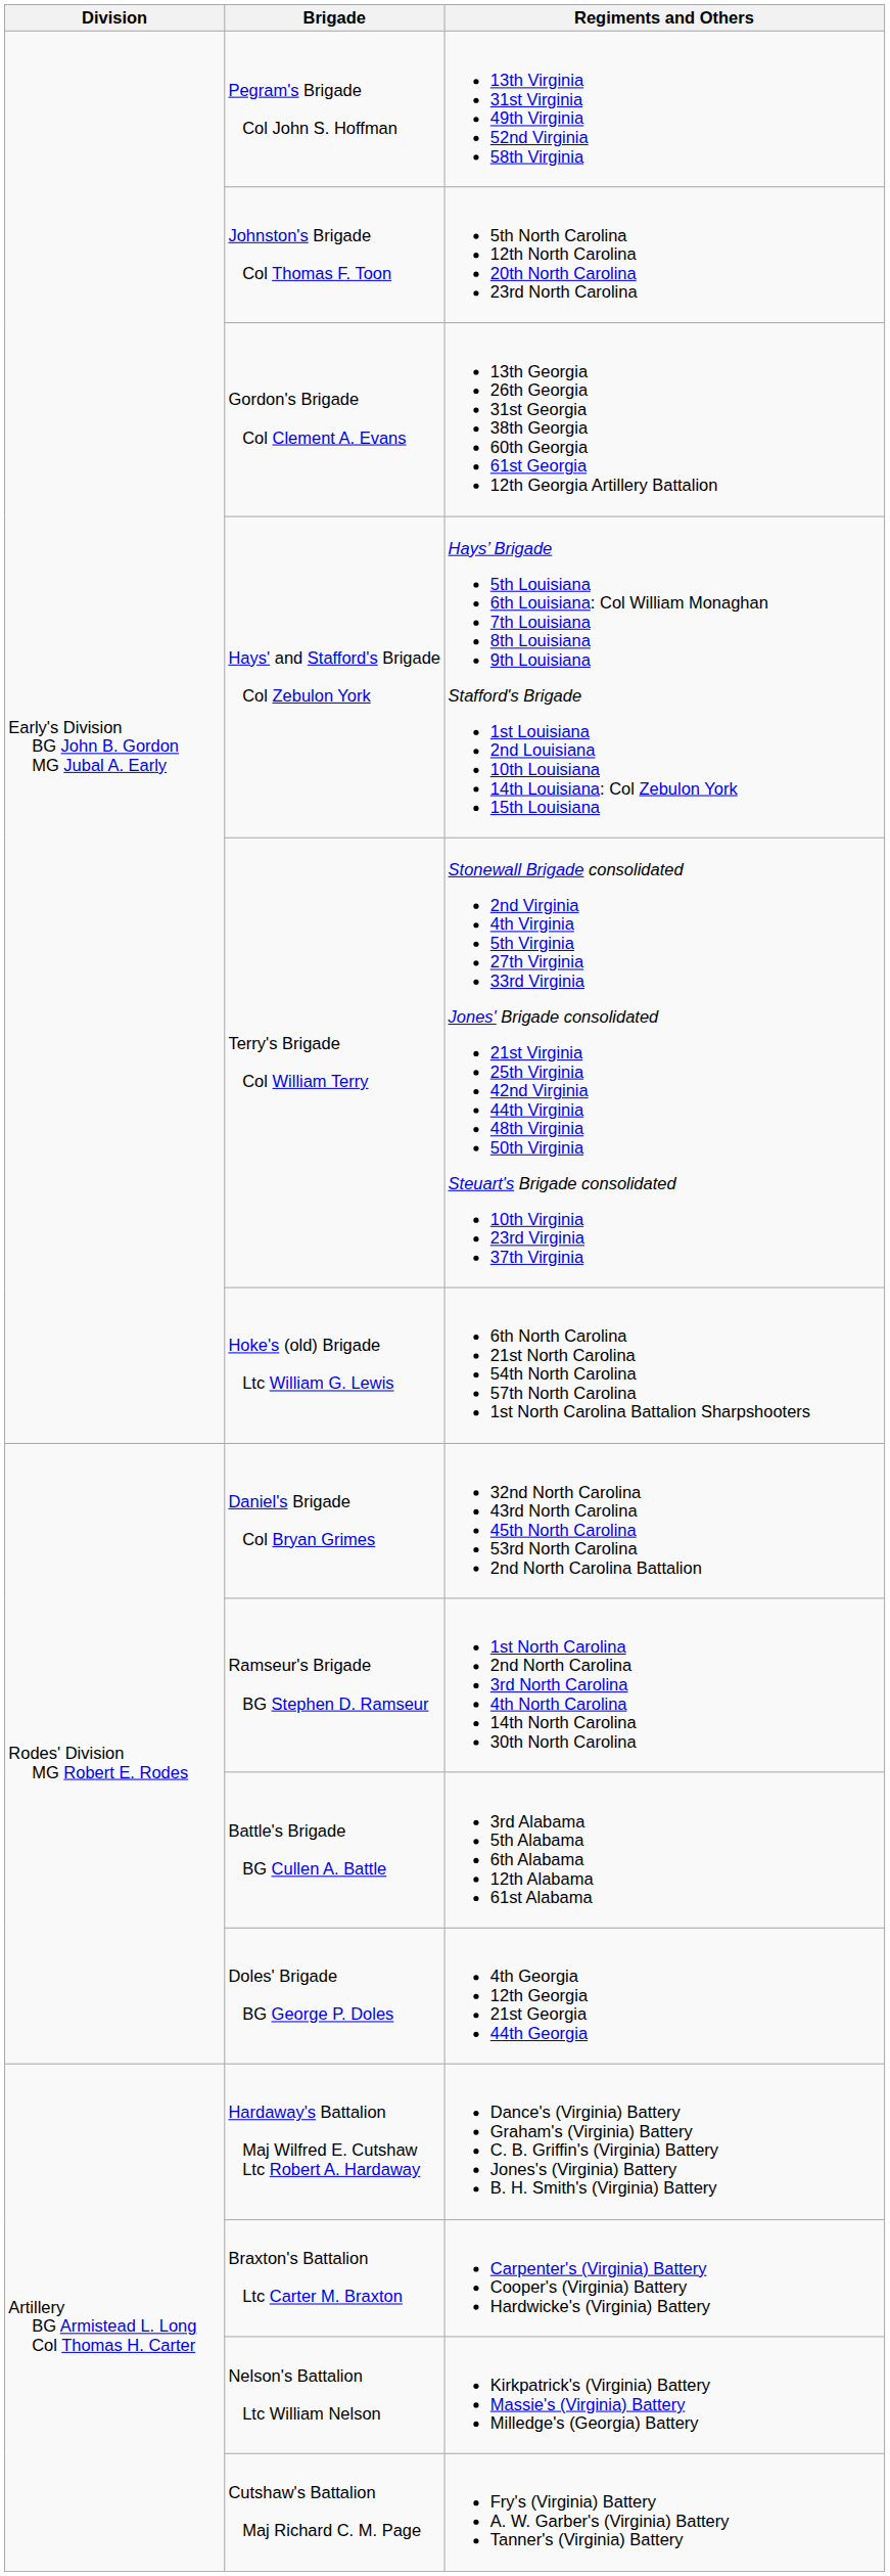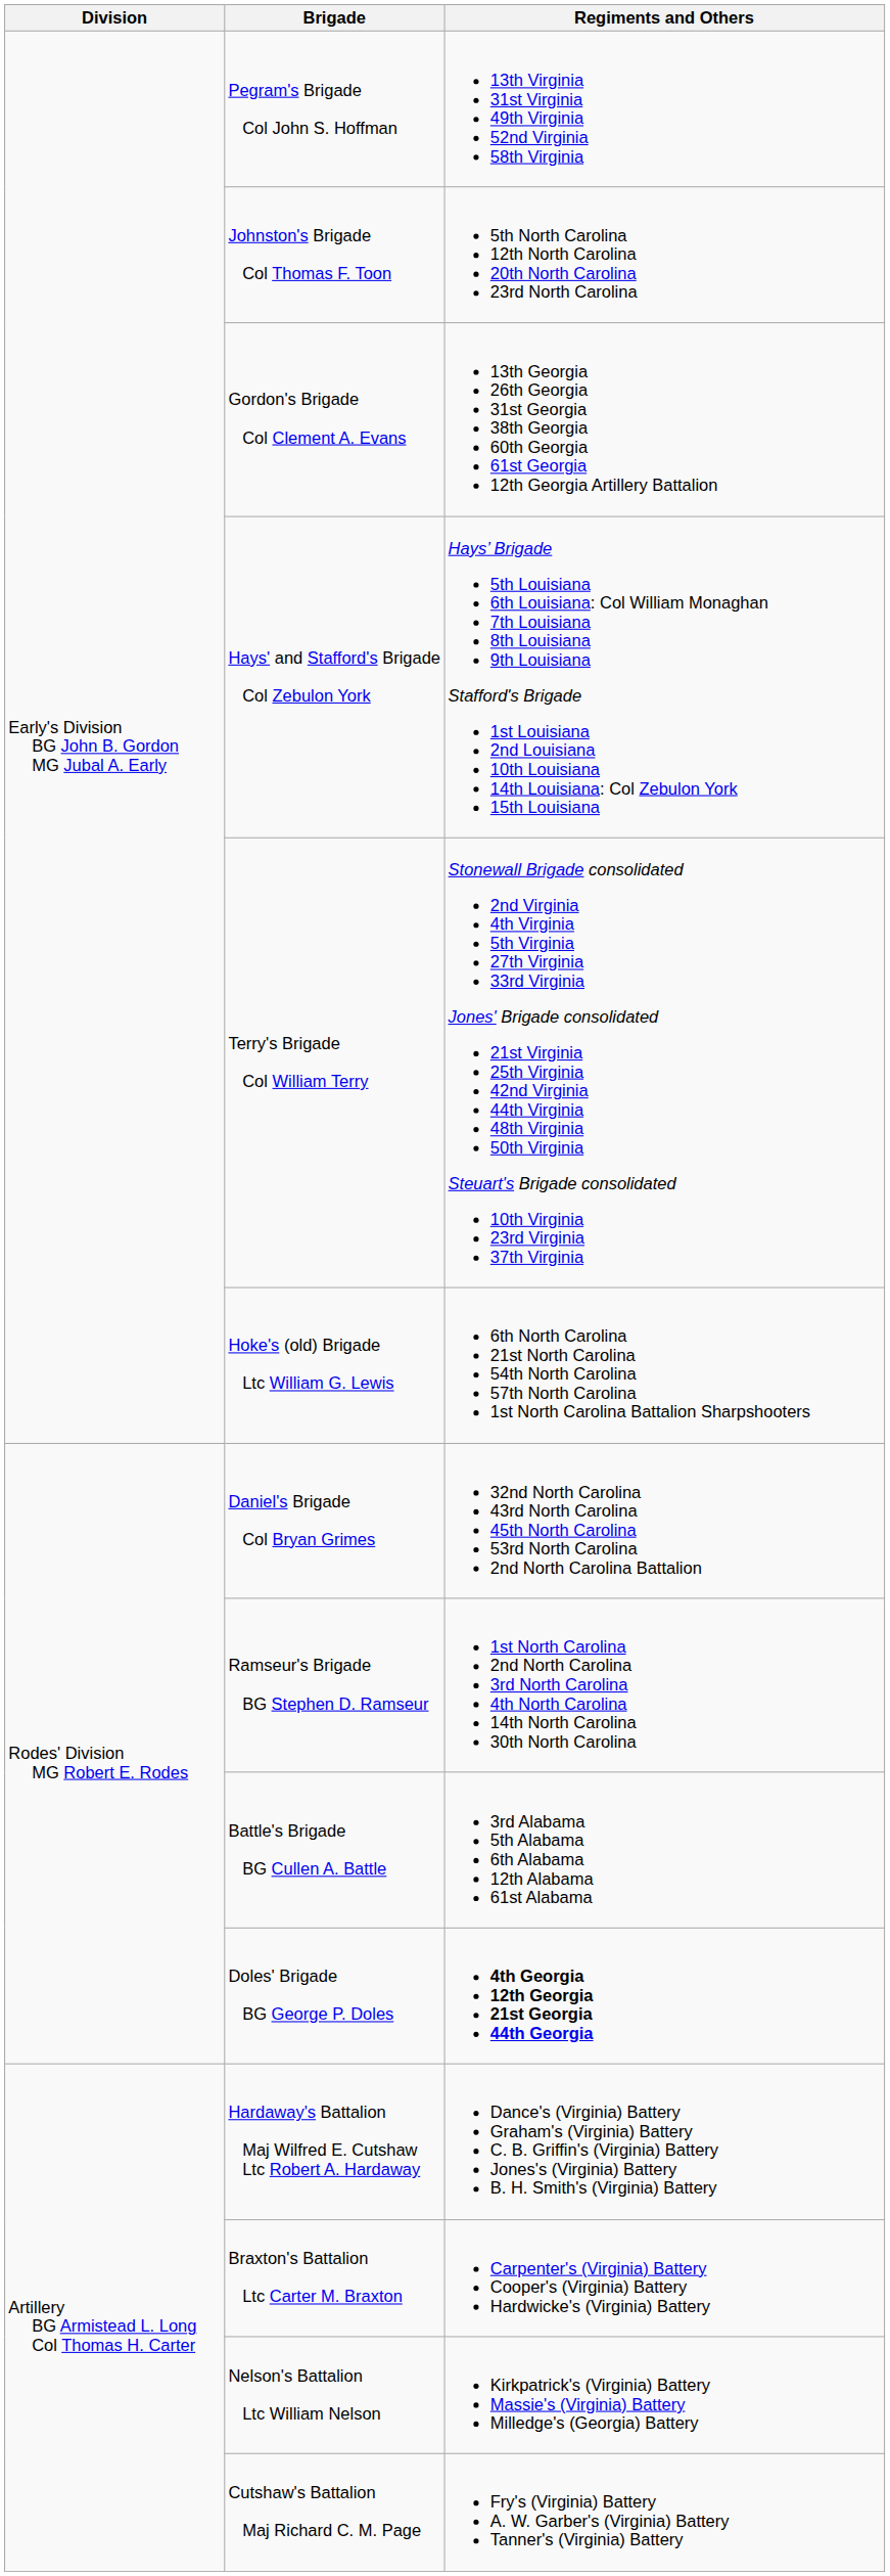 <table class="wikitable">
 <tr>
 <th width=25%>Division</th>
 <th width=25%>Brigade</th>
 <th>Regiments and Others</th>
 </tr>
 <tr>
 <td rowspan=6><br>Early's Division <br>     BG <a href='#'>John B. Gordon</a> <br>     MG <a href='#'>Jubal A. Early</a></td>
 <td><a href='#'>Pegram's</a> Brigade<br><br>   Col John S. Hoffman</td>
 <td><br><ul><li><a href='#'>13th Virginia</a></li><li><a href='#'>31st Virginia</a></li><li><a href='#'>49th Virginia</a></li><li><a href='#'>52nd Virginia</a></li><li><a href='#'>58th Virginia</a></li></ul></td>
 </tr>
 <tr>
 <td><a href='#'>Johnston's</a> Brigade<br><br>   Col <a href='#'>Thomas F. Toon</a></td>
 <td><br><ul><li>5th North Carolina</li><li>12th North Carolina</li><li><a href='#'>20th North Carolina</a></li><li>23rd North Carolina</li></ul></td>
 </tr>
 <tr>
 <td>Gordon's Brigade<br><br>   Col <a href='#'>Clement A. Evans</a></td>
 <td><br><ul><li>13th Georgia</li><li>26th Georgia</li><li>31st Georgia</li><li>38th Georgia</li><li>60th Georgia</li><li><a href='#'>61st Georgia</a></li><li>12th Georgia Artillery Battalion</li></ul></td>
 </tr>
 <tr>
 <td><a href='#'>Hays'</a> and <a href='#'>Stafford's</a> Brigade<br><br>   Col <a href='#'>Zebulon York</a></td>
 <td><br><em><a href='#'>Hays’ Brigade</a></em><ul><li><a href='#'>5th Louisiana</a></li><li><a href='#'>6th Louisiana</a>: Col William Monaghan</li><li><a href='#'>7th Louisiana</a></li><li><a href='#'>8th Louisiana</a></li><li><a href='#'>9th Louisiana</a></li></ul><em>Stafford's Brigade</em><ul><li><a href='#'>1st Louisiana</a></li><li><a href='#'>2nd Louisiana</a></li><li><a href='#'>10th Louisiana</a></li><li><a href='#'>14th Louisiana</a>: Col <a href='#'>Zebulon York</a></li><li><a href='#'>15th Louisiana</a></li></ul></td>
 </tr>
 <tr>
 <td>Terry's Brigade<br><br>   Col <a href='#'>William Terry</a></td>
 <td><br><em><a href='#'>Stonewall Brigade</a> consolidated</em><ul><li><a href='#'>2nd Virginia</a></li><li><a href='#'>4th Virginia</a></li><li><a href='#'>5th Virginia</a></li><li><a href='#'>27th Virginia</a></li><li><a href='#'>33rd Virginia</a></li></ul><em><a href='#'>Jones'</a> Brigade consolidated</em><ul><li><a href='#'>21st Virginia</a></li><li><a href='#'>25th Virginia</a></li><li><a href='#'>42nd Virginia</a></li><li><a href='#'>44th Virginia</a></li><li><a href='#'>48th Virginia</a></li><li><a href='#'>50th Virginia</a></li></ul><em><a href='#'>Steuart's</a> Brigade consolidated</em><ul><li><a href='#'>10th Virginia</a></li><li><a href='#'>23rd Virginia</a></li><li><a href='#'>37th Virginia</a></li></ul></td>
 </tr>
 <tr>
 <td><a href='#'>Hoke's</a> (old) Brigade<br><br>   Ltc <a href='#'>William G. Lewis</a></td>
 <td><br><ul><li>6th North Carolina</li><li>21st North Carolina</li><li>54th North Carolina</li><li>57th North Carolina</li><li>1st North Carolina Battalion Sharpshooters</li></ul></td>
 </tr>
 <tr>
 <td rowspan=4><br>Rodes' Division <br>     MG <a href='#'>Robert E. Rodes</a></td>
 <td><a href='#'>Daniel's</a> Brigade<br><br>   Col <a href='#'>Bryan Grimes</a></td>
 <td><br><ul><li>32nd North Carolina</li><li>43rd North Carolina</li><li><a href='#'>45th North Carolina</a></li><li>53rd North Carolina</li><li>2nd North Carolina Battalion</li></ul></td>
 </tr>
 <tr>
 <td>Ramseur's Brigade<br><br>   BG <a href='#'>Stephen D. Ramseur</a></td>
 <td><br><ul><li><a href='#'>1st North Carolina</a></li><li>2nd North Carolina</li><li><a href='#'>3rd North Carolina</a></li><li><a href='#'>4th North Carolina</a></li><li>14th North Carolina</li><li>30th North Carolina</li></ul></td>
 </tr>
 <tr>
 <td>Battle's Brigade<br><br>   BG <a href='#'>Cullen A. Battle</a></td>
 <td><br><ul><li>3rd Alabama</li><li>5th Alabama</li><li>6th Alabama</li><li>12th Alabama</li><li>61st Alabama</li></ul></td>
 </tr>
 <tr>
 <td>Doles' Brigade<br><br>   BG <a href='#'>George P. Doles</a></td>
-<td><br><ul><li>4th Georgia</li><li>12th Georgia</li><li>21st Georgia</li><li><a href='#'>44th Georgia</a></li></ul></td>
+<td><strong><br><ul><li>4th Georgia</li><li>12th Georgia</li><li>21st Georgia</li><li><a href='#'>44th Georgia</a></li></ul></strong></td>
 </tr>
 <tr>
 <td rowspan=4><br>Artillery <br>     BG <a href='#'>Armistead L. Long</a> <br>     Col <a href='#'>Thomas H. Carter</a></td>
 <td><a href='#'>Hardaway's</a> Battalion<br><br>   Maj Wilfred E. Cutshaw <br>   Ltc <a href='#'>Robert A. Hardaway</a></td>
 <td><br><ul><li>Dance's (Virginia) Battery</li><li>Graham's (Virginia) Battery</li><li>C. B. Griffin's (Virginia) Battery</li><li>Jones's (Virginia) Battery</li><li>B. H. Smith's (Virginia) Battery</li></ul></td>
 </tr>
 <tr>
 <td>Braxton's Battalion<br><br>   Ltc <a href='#'>Carter M. Braxton</a></td>
 <td><br><ul><li><a href='#'>Carpenter's (Virginia) Battery</a></li><li>Cooper's (Virginia) Battery</li><li>Hardwicke's (Virginia) Battery</li></ul></td>
 </tr>
 <tr>
 <td>Nelson's Battalion<br><br>   Ltc William Nelson</td>
 <td><br><ul><li>Kirkpatrick's (Virginia) Battery</li><li><a href='#'>Massie's (Virginia) Battery</a></li><li>Milledge's (Georgia) Battery</li></ul></td>
 </tr>
 <tr>
 <td>Cutshaw's Battalion<br><br>   Maj Richard C. M. Page</td>
 <td><br><ul><li>Fry's (Virginia) Battery</li><li>A. W. Garber's (Virginia) Battery</li><li>Tanner's (Virginia) Battery</li></ul></td>
 </tr>
 </table>
